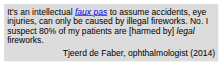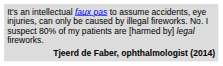 <table class="toccolours" style="float: right; margin-left: 1em; margin-right: 2em; font-size: 85%; background:#DCDCDC; color:black; width:25em; max-width: 30%;" cellspacing="4">
 <tr>
 <td style="text-align: left;">It's an intellectual <em><a href='#'>faux pas</a></em> to assume accidents, eye injuries, can only be caused by illegal fireworks. No. I suspect 80% of my patients are [harmed by] <em>legal</em> fireworks.</td>
 </tr>
 <tr>
-<td style="text-align: right;">Tjeerd de Faber, ophthalmologist (2014)</td>
+<td style="text-align: right;"><strong>Tjeerd de Faber, ophthalmologist (2014)</strong></td>
 </tr>
 </table>
